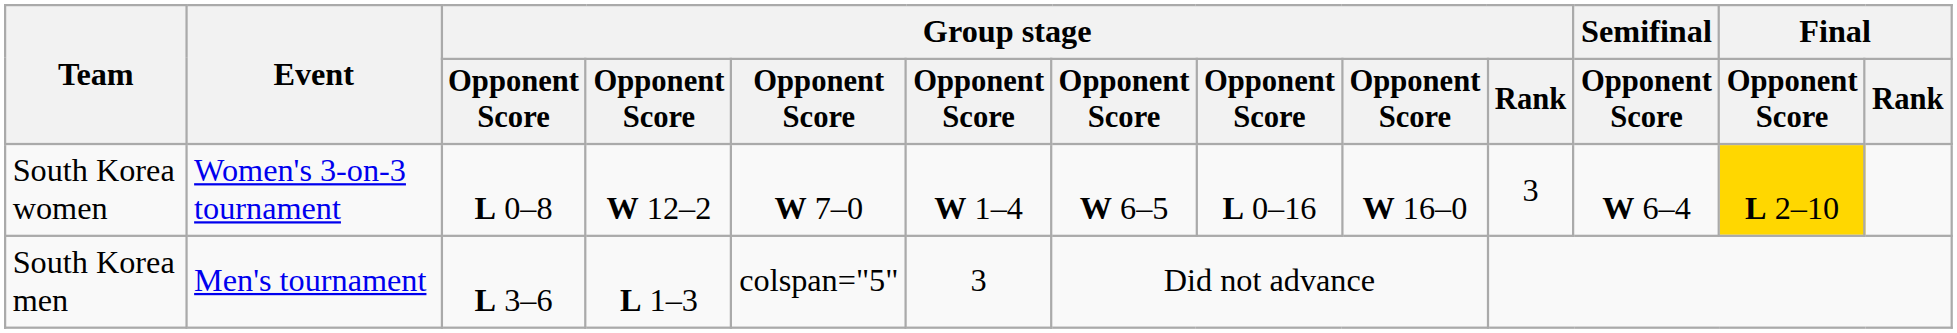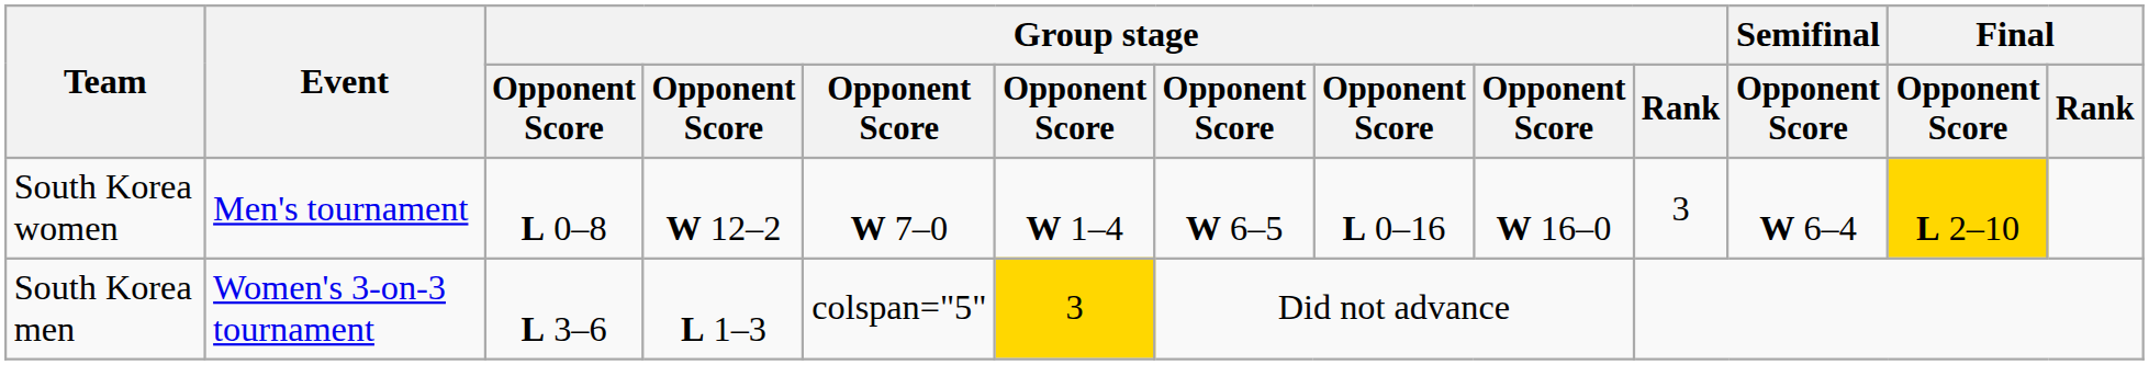 <table class="wikitable" style="font-size:90%">
 <tr>
 <th rowspan=2>Team</th>
 <th rowspan=2>Event</th>
 <th colspan=8>Group stage</th>
 <th>Semifinal</th>
 <th colspan=2>Final</th>
 </tr>
 <tr style="font-size:95%">
 <th>Opponent<br>Score</th>
 <th>Opponent<br>Score</th>
 <th>Opponent<br>Score</th>
 <th>Opponent<br>Score</th>
 <th>Opponent<br>Score</th>
 <th>Opponent<br>Score</th>
 <th>Opponent<br>Score</th>
 <th>Rank</th>
 <th>Opponent<br>Score</th>
 <th>Opponent<br>Score</th>
 <th>Rank</th>
 </tr>
 <tr align=center>
 <td align=left>South Korea women</td>
-<td align=left><a href='#'>Women's 3-on-3 tournament</a></td>
+<td align=left><a href='#'>Men's tournament</a></td>
 <td><br><strong>L</strong> 0–8</td>
 <td><br><strong>W</strong> 12–2</td>
 <td><br><strong>W</strong> 7–0</td>
 <td><br><strong>W</strong> 1–4</td>
 <td><br><strong>W</strong> 6–5 </td>
 <td><br><strong>L</strong> 0–16</td>
 <td><br><strong>W</strong> 16–0</td>
 <td>3</td>
 <td><br><strong>W</strong> 6–4</td>
 <td style="background: gold;"><br><strong>L</strong> 2–10</td>
 <td></td>
 </tr>
 <tr align=center>
 <td align=left>South Korea men</td>
-<td align=left><a href='#'>Men's tournament</a></td>
+<td align=left><a href='#'>Women's 3-on-3 tournament</a></td>
 <td><br><strong>L</strong> 3–6</td>
 <td><br><strong>L</strong> 1–3</td>
 <td>colspan="5" </td>
-<td>3</td>
+<td style="background: gold;">3</td>
 <td colspan=3>Did not advance</td>
 </tr>
 </table>
